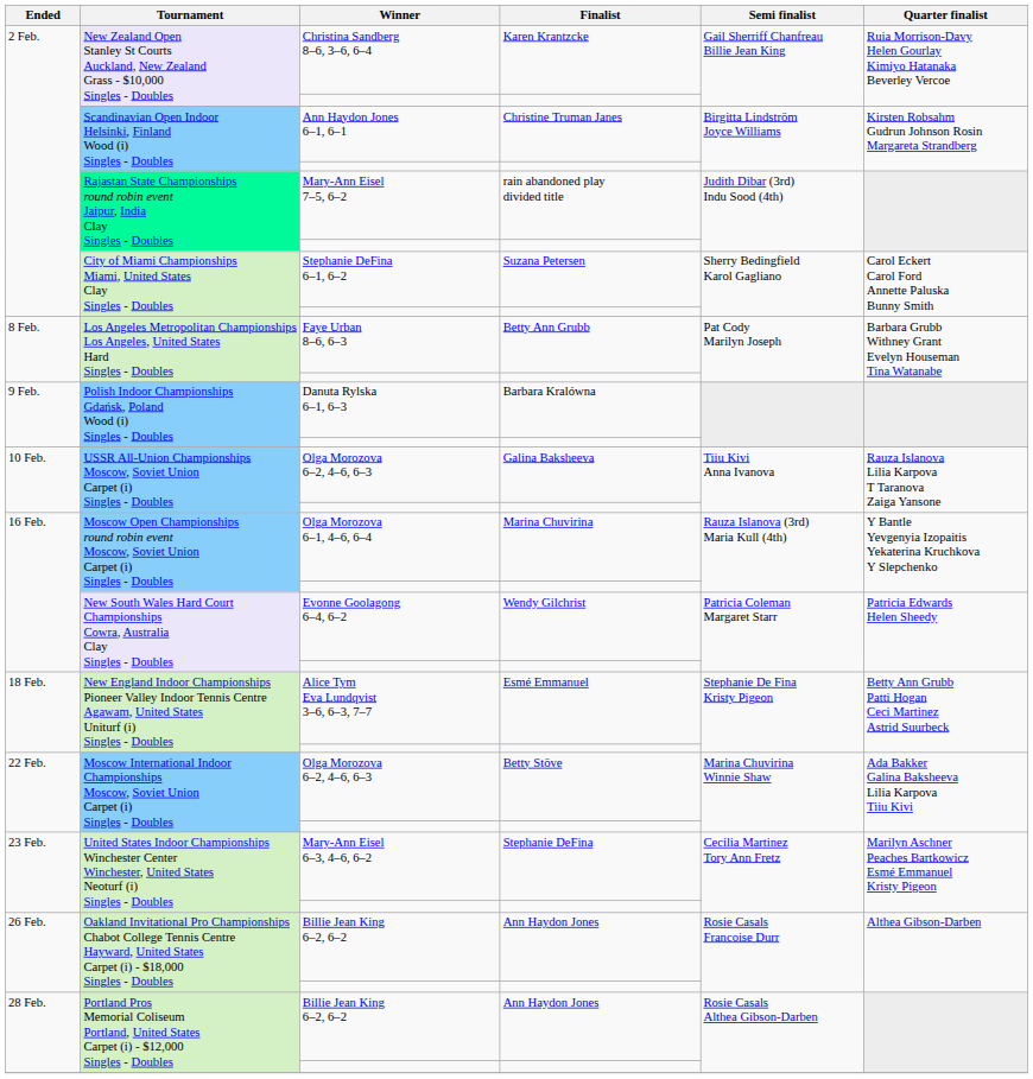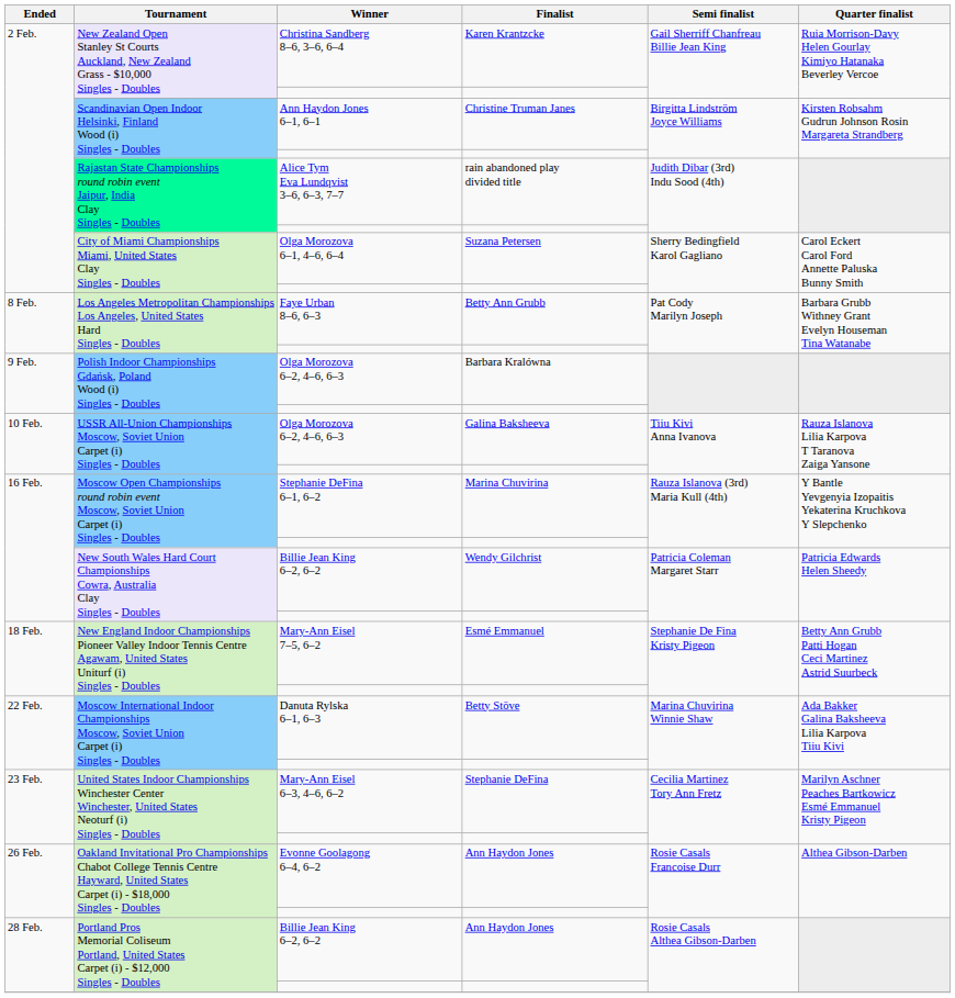 <table class="wikitable" style="font-size:85%;">
 <tr>
 <th width="75">Ended</th>
 <th width="230">Tournament</th>
 <th width="210">Winner</th>
 <th width="210">Finalist</th>
 <th width="170">Semi finalist</th>
 <th width="170">Quarter finalist</th>
 </tr>
 <tr valign=top>
 <td rowspan=8>2 Feb.</td>
 <td style="background:#ebe6fa;" rowspan=2><a href='#'>New Zealand Open</a> <br>Stanley St Courts<br><a href='#'>Auckland</a>, <a href='#'>New Zealand</a><br>Grass - $10,000<br><a href='#'>Singles</a> - <a href='#'>Doubles</a></td>
 <td> <a href='#'>Christina Sandberg</a><br>8–6, 3–6, 6–4</td>
 <td> <a href='#'>Karen Krantzcke</a></td>
 <td rowspan=2> <a href='#'>Gail Sherriff Chanfreau</a> <br>   <a href='#'>Billie Jean King</a></td>
 <td rowspan=2> <a href='#'>Ruia Morrison-Davy</a><br> <a href='#'>Helen Gourlay</a><br> <a href='#'>Kimiyo Hatanaka</a><br> Beverley Vercoe</td>
 </tr>
 <tr valign=top>
 <td></td>
 <td></td>
 </tr>
 <tr valign=top>
 <td style="background:#87CEFA;" rowspan=2><a href='#'>Scandinavian Open Indoor</a><br><a href='#'>Helsinki</a>, <a href='#'>Finland</a><br>Wood (i)<br><a href='#'>Singles</a> - <a href='#'>Doubles</a></td>
 <td> <a href='#'>Ann Haydon Jones</a><br>6–1, 6–1</td>
 <td> <a href='#'>Christine Truman Janes</a></td>
 <td rowspan=2>  <a href='#'>Birgitta Lindström</a> <br>  <a href='#'>Joyce Williams</a></td>
 <td rowspan=2> <a href='#'>Kirsten Robsahm</a><br> Gudrun Johnson Rosin<br> <a href='#'>Margareta Strandberg</a></td>
 </tr>
 <tr valign=top>
 <td></td>
 <td></td>
 </tr>
 <tr valign=top>
 <td style="background:#00FA9A;" rowspan=2><a href='#'>Rajastan State Championships</a><br><em>round robin event</em><br><a href='#'>Jaipur</a>, <a href='#'>India</a><br>Clay<br><a href='#'>Singles</a> - <a href='#'>Doubles</a></td>
-<td> <a href='#'>Mary-Ann Eisel</a>  <br>7–5, 6–2</td>
+<td> <a href='#'>Alice Tym</a><br> <a href='#'>Eva Lundqvist</a> <br>3–6, 6–3, 7–7</td>
 <td>rain abandoned play<br>divided title</td>
 <td rowspan=2>  <a href='#'>Judith Dibar</a> (3rd)<br>  Indu Sood (4th)</td>
 <td style="background:#ededed;" rowspan=2></td>
 </tr>
 <tr valign=top>
 <td></td>
 <td></td>
 </tr>
 <tr valign=top>
 <td style="background:#D4F1C5;"  rowspan=2><a href='#'>City of Miami Championships</a><br><a href='#'>Miami</a>, <a href='#'>United States</a><br>Clay<br><a href='#'>Singles</a> - <a href='#'>Doubles</a></td>
-<td> <a href='#'>Stephanie DeFina</a> <br>6–1, 6–2</td>
+<td>  <a href='#'>Olga Morozova</a><br>6–1, 4–6, 6–4</td>
 <td>  <a href='#'>Suzana Petersen</a></td>
 <td rowspan=2> Sherry Bedingfield <br> Karol Gagliano</td>
 <td rowspan=2>  Carol Eckert<br> Carol Ford <br> Annette Paluska <br> Bunny Smith</td>
 </tr>
 <tr valign=top>
 <td></td>
 <td></td>
 </tr>
 <tr valign=top>
 <td rowspan=2>8 Feb.</td>
 <td style="background:#D4F1C5;"  rowspan=2><a href='#'>Los Angeles Metropolitan Championships</a><br><a href='#'>Los Angeles</a>, <a href='#'>United States</a><br>Hard<br><a href='#'>Singles</a> - <a href='#'>Doubles</a></td>
 <td> <a href='#'>Faye Urban</a> <br>8–6, 6–3</td>
 <td>  <a href='#'>Betty Ann Grubb</a></td>
 <td rowspan=2> Pat Cody<br> Marilyn Joseph</td>
 <td rowspan=2> Barbara Grubb<br> Withney Grant<br> Evelyn Houseman <br> <a href='#'>Tina Watanabe</a></td>
 </tr>
 <tr valign=top>
 <td></td>
 <td></td>
 </tr>
 <tr valign=top>
 <td rowspan=2>9 Feb.</td>
 <td style="background:#87CEFA;" rowspan=2><a href='#'>Polish Indoor Championships</a><br><a href='#'>Gdańsk</a>, <a href='#'>Poland</a><br>Wood (i)<br><a href='#'>Singles</a> - <a href='#'>Doubles</a></td>
-<td> Danuta Rylska<br>6–1, 6–3</td>
+<td>  <a href='#'>Olga Morozova</a><br>6–2, 4–6, 6–3</td>
 <td> Barbara Kralówna</td>
 <td style="background:#ededed;" rowspan=2></td>
 <td style="background:#ededed;" rowspan=2></td>
 </tr>
 <tr valign=top>
 <td></td>
 <td></td>
 </tr>
 <tr valign=top>
 <td rowspan=2>10 Feb.</td>
 <td style="background:#87CEFA;" rowspan=2><a href='#'>USSR All-Union Championships</a><br><a href='#'>Moscow</a>, <a href='#'>Soviet Union</a><br>Carpet (i)<br><a href='#'>Singles</a> - <a href='#'>Doubles</a></td>
 <td>  <a href='#'>Olga Morozova</a><br>6–2, 4–6, 6–3</td>
 <td> <a href='#'>Galina Baksheeva</a></td>
 <td rowspan=2> <a href='#'>Tiiu Kivi</a><br>  Anna Ivanova</td>
 <td rowspan=2> <a href='#'>Rauza Islanova</a><br> Lilia Karpova<br> T Taranova <br> Zaiga Yansone</td>
 </tr>
 <tr valign=top>
 <td></td>
 <td></td>
 </tr>
 <tr valign=top>
 <td rowspan=4>16 Feb.</td>
 <td style="background:#87CEFA;" rowspan=2><a href='#'>Moscow Open Championships</a><br><em>round robin event</em><br><a href='#'>Moscow</a>, <a href='#'>Soviet Union</a><br>Carpet (i)<br><a href='#'>Singles</a> - <a href='#'>Doubles</a></td>
-<td>  <a href='#'>Olga Morozova</a><br>6–1, 4–6, 6–4</td>
+<td> <a href='#'>Stephanie DeFina</a> <br>6–1, 6–2</td>
 <td> <a href='#'>Marina Chuvirina</a></td>
 <td rowspan=2> <a href='#'>Rauza Islanova</a> (3rd)<br>  Maria Kull (4th)</td>
 <td rowspan=2> Y Bantle<br> Yevgenyia Izopaitis<br> Yekaterina Kruchkova <br> Y Slepchenko</td>
 </tr>
 <tr valign=top>
 <td></td>
 <td></td>
 </tr>
 <tr valign=top>
 <td style="background:#ebe6fa;" rowspan=2><a href='#'>New South Wales Hard Court Championships</a> <br><a href='#'>Cowra</a>, <a href='#'>Australia</a><br>Clay<br><a href='#'>Singles</a> - <a href='#'>Doubles</a></td>
-<td> <a href='#'>Evonne Goolagong</a><br>6–4, 6–2</td>
+<td> <a href='#'>Billie Jean King</a><br>6–2, 6–2</td>
 <td>  <a href='#'>Wendy Gilchrist</a></td>
 <td rowspan=2> <a href='#'>Patricia Coleman</a> <br> Margaret Starr</td>
 <td rowspan=2> <a href='#'>Patricia Edwards</a><br> <a href='#'>Helen Sheedy</a></td>
 </tr>
 <tr valign=top>
 <td></td>
 <td></td>
 </tr>
 <tr valign=top>
 <td rowspan=2>18 Feb.</td>
 <td style="background:#D4F1C5;"  rowspan=2><a href='#'>New England Indoor Championships</a><br>Pioneer Valley Indoor Tennis Centre<br><a href='#'>Agawam</a>, <a href='#'>United States</a><br>Uniturf (i)<br><a href='#'>Singles</a> - <a href='#'>Doubles</a></td>
-<td> <a href='#'>Alice Tym</a><br> <a href='#'>Eva Lundqvist</a> <br>3–6, 6–3, 7–7</td>
+<td> <a href='#'>Mary-Ann Eisel</a>  <br>7–5, 6–2</td>
 <td> <a href='#'>Esmé Emmanuel</a></td>
 <td rowspan=2>  <a href='#'>Stephanie De Fina</a> <br> <a href='#'>Kristy Pigeon</a></td>
 <td rowspan=2> <a href='#'>Betty Ann Grubb</a><br> <a href='#'>Patti Hogan</a><br> <a href='#'>Ceci Martinez</a> <br> <a href='#'>Astrid Suurbeck</a></td>
 </tr>
 <tr valign=top>
 <td></td>
 <td></td>
 </tr>
 <tr valign=top>
 <td rowspan=2>22 Feb.</td>
 <td style="background:#87CEFA;" rowspan=2><a href='#'>Moscow International Indoor Championships</a><br><a href='#'>Moscow</a>, <a href='#'>Soviet Union</a><br>Carpet (i)<br><a href='#'>Singles</a> - <a href='#'>Doubles</a></td>
-<td>  <a href='#'>Olga Morozova</a><br>6–2, 4–6, 6–3</td>
+<td> Danuta Rylska<br>6–1, 6–3</td>
 <td> <a href='#'>Betty Stöve</a></td>
 <td rowspan=2> <a href='#'>Marina Chuvirina</a><br>  <a href='#'>Winnie Shaw</a></td>
 <td rowspan=2> <a href='#'>Ada Bakker</a><br> <a href='#'>Galina Baksheeva</a><br> Lilia Karpova  <br> <a href='#'>Tiiu Kivi</a></td>
 </tr>
 <tr valign=top>
 <td></td>
 <td></td>
 </tr>
 <tr valign=top>
 <td rowspan=2>23 Feb.</td>
 <td style="background:#D4F1C5;"  rowspan=2><a href='#'>United States Indoor Championships</a><br>Winchester Center<br><a href='#'>Winchester</a>, <a href='#'>United States</a><br>Neoturf (i)<br><a href='#'>Singles</a> - <a href='#'>Doubles</a></td>
 <td> <a href='#'>Mary-Ann Eisel</a> <br>6–3, 4–6, 6–2</td>
 <td> <a href='#'>Stephanie DeFina</a></td>
 <td rowspan=2> <a href='#'>Cecilia Martinez</a> <br> <a href='#'>Tory Ann Fretz</a></td>
 <td rowspan=2>  <a href='#'>Marilyn Aschner</a> <br> <a href='#'>Peaches Bartkowicz</a>  <br> <a href='#'>Esmé Emmanuel</a><br> <a href='#'>Kristy Pigeon</a></td>
 </tr>
 <tr valign=top>
 <td></td>
 <td></td>
 </tr>
 <tr valign=top>
 <td rowspan=2>26 Feb.</td>
 <td style="background:#D4F1C5;"  rowspan=2><a href='#'>Oakland Invitational Pro Championships</a><br>Chabot College Tennis Centre<br><a href='#'>Hayward</a>, <a href='#'>United States</a><br>Carpet (i) - $18,000 <br><a href='#'>Singles</a> - <a href='#'>Doubles</a></td>
-<td> <a href='#'>Billie Jean King</a><br>6–2, 6–2</td>
+<td> <a href='#'>Evonne Goolagong</a><br>6–4, 6–2</td>
 <td> <a href='#'>Ann Haydon Jones</a></td>
 <td rowspan=2> <a href='#'>Rosie Casals</a> <br> <a href='#'>Francoise Durr</a></td>
 <td rowspan=2> <a href='#'>Althea Gibson-Darben</a></td>
 </tr>
 <tr valign=top>
 <td></td>
 <td></td>
 </tr>
 <tr valign=top>
 <td rowspan=2>28 Feb.</td>
 <td style="background:#D4F1C5;"  rowspan=2><a href='#'>Portland Pros</a><br>Memorial Coliseum<br> <a href='#'>Portland</a>, <a href='#'>United States</a><br>Carpet (i) - $12,000 <br><a href='#'>Singles</a> - <a href='#'>Doubles</a></td>
 <td> <a href='#'>Billie Jean King</a><br>6–2, 6–2</td>
 <td> <a href='#'>Ann Haydon Jones</a></td>
 <td rowspan=2> <a href='#'>Rosie Casals</a> <br> <a href='#'>Althea Gibson-Darben</a></td>
 <td style="background:#ededed;" rowspan=2></td>
 </tr>
 <tr valign=top>
 <td></td>
 <td></td>
 </tr>
 <tr valign=top>
 </tr>
 </table>
